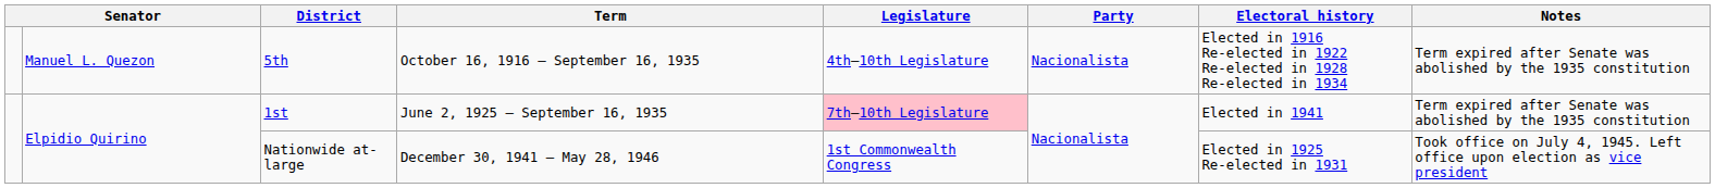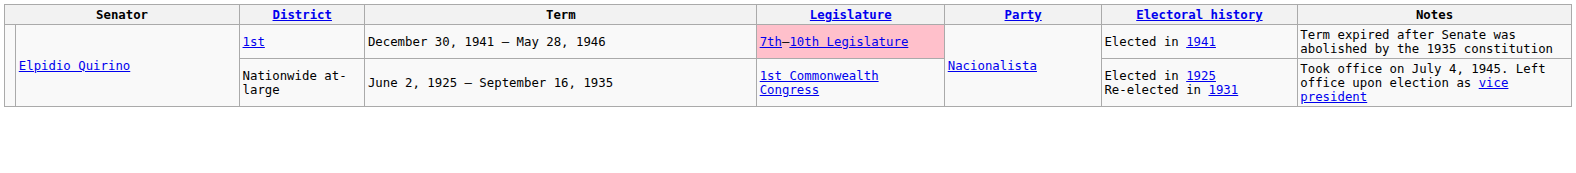 <table class="wikitable" style="font-size:95%" width=99%>
 <tr>
 <th colspan="2" width="15%">Senator</th>
 <th width="8%"><a href='#'>District</a></th>
 <th width="25%">Term</th>
 <th width="12%"><a href='#'>Legislature</a></th>
 <th width="10%"><a href='#'>Party</a></th>
 <th width="12.5%"><a href='#'>Electoral history</a></th>
 <th width="17.5%">Notes</th>
 </tr>
 <tr>
-<td width=1% style="background-color:"></td>
-<td><a href='#'>Manuel L. Quezon</a></td>
-<td><a href='#'>5th</a></td>
-<td>October 16, 1916 – September 16, 1935</td>
-<td><a href='#'>4th</a>–<a href='#'>10th Legislature</a></td>
-<td><a href='#'>Nacionalista</a></td>
-<td>Elected in <a href='#'>1916</a><br>Re-elected in <a href='#'>1922</a><br>Re-elected in <a href='#'>1928</a><br>Re-elected in <a href='#'>1934</a></td>
-<td>Term expired after Senate was abolished by the 1935 constitution</td>
-</tr>
-<tr>
 <td rowspan="2" style="background-color:"></td>
 <td rowspan="2"><a href='#'>Elpidio Quirino</a></td>
 <td><a href='#'>1st</a></td>
-<td>June 2, 1925 – September 16, 1935</td>
+<td>December 30, 1941 – May 28, 1946</td>
 <td style="background: pink;"><a href='#'>7th</a>–<a href='#'>10th Legislature</a></td>
 <td rowspan="2"><a href='#'>Nacionalista</a></td>
 <td>Elected in <a href='#'>1941</a></td>
 <td>Term expired after Senate was abolished by the 1935 constitution</td>
 </tr>
 <tr>
 <td>Nationwide at-large</td>
-<td>December 30, 1941 – May 28, 1946</td>
+<td>June 2, 1925 – September 16, 1935</td>
 <td><a href='#'>1st Commonwealth Congress</a></td>
 <td>Elected in <a href='#'>1925</a><br>Re-elected in <a href='#'>1931</a></td>
 <td>Took office on July 4, 1945. Left office upon election as <a href='#'>vice president</a></td>
 </tr>
 </table>
